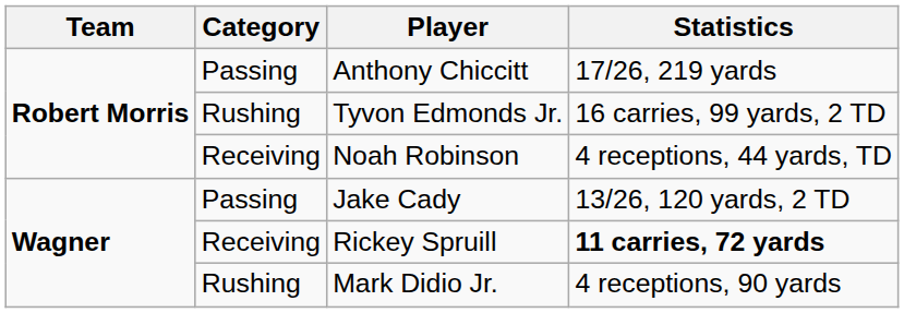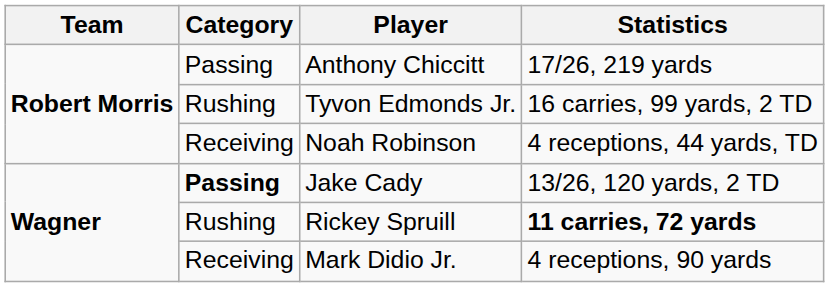 <table class="wikitable" style="float: right;">
 <tr>
 <th>Team</th>
 <th>Category</th>
 <th>Player</th>
 <th>Statistics</th>
 </tr>
 <tr>
 <td rowspan=3><strong>Robert Morris</strong></td>
 <td>Passing</td>
 <td>Anthony Chiccitt</td>
 <td>17/26, 219 yards</td>
 </tr>
 <tr>
 <td>Rushing</td>
 <td>Tyvon Edmonds Jr.</td>
 <td>16 carries, 99 yards, 2 TD</td>
 </tr>
 <tr>
 <td>Receiving</td>
 <td>Noah Robinson</td>
 <td>4 receptions, 44 yards, TD</td>
 </tr>
 <tr>
 <td rowspan=3><strong>Wagner</strong></td>
-<td>Passing</td>
+<td><strong>Passing</strong></td>
 <td>Jake Cady</td>
 <td>13/26, 120 yards, 2 TD</td>
 </tr>
 <tr>
-<td>Receiving</td>
+<td>Rushing</td>
 <td>Rickey Spruill</td>
 <td><strong>11 carries, 72 yards</strong></td>
 </tr>
 <tr>
-<td>Rushing</td>
+<td>Receiving</td>
 <td>Mark Didio Jr.</td>
 <td>4 receptions, 90 yards</td>
 </tr>
 </table>
